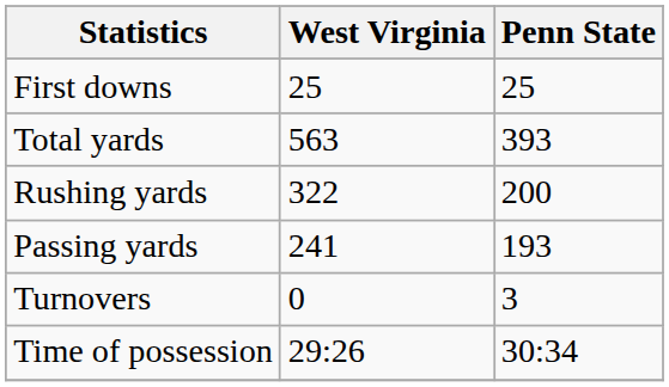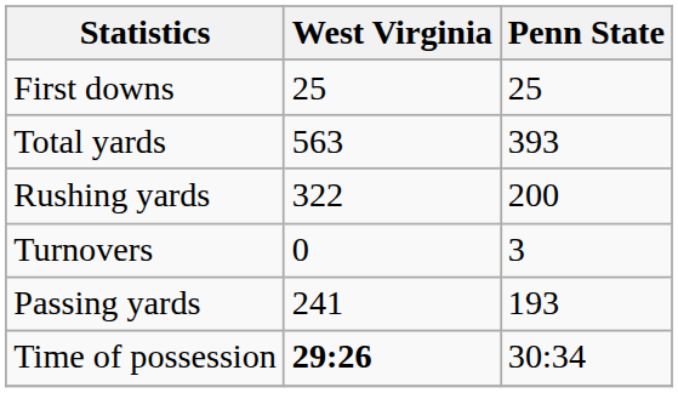 <table class="wikitable" style="float: left;">
 <tr>
 <th>Statistics</th>
 <th>West Virginia</th>
 <th>Penn State</th>
 </tr>
 <tr>
 <td>First downs</td>
 <td>25</td>
 <td>25</td>
 </tr>
 <tr>
 <td>Total yards</td>
 <td>563</td>
 <td>393</td>
 </tr>
 <tr>
 <td>Rushing yards</td>
 <td>322</td>
 <td>200</td>
 </tr>
 <tr>
+<td>Turnovers</td>
+<td>0</td>
+<td>3</td>
+</tr>
+<tr>
 <td>Passing yards</td>
 <td>241</td>
 <td>193</td>
 </tr>
 <tr>
-<td>Turnovers</td>
-<td>0</td>
-<td>3</td>
-</tr>
-<tr>
 <td>Time of possession</td>
-<td>29:26</td>
+<td><strong>29:26</strong></td>
 <td>30:34</td>
 </tr>
 <tr>
 </tr>
 </table>
